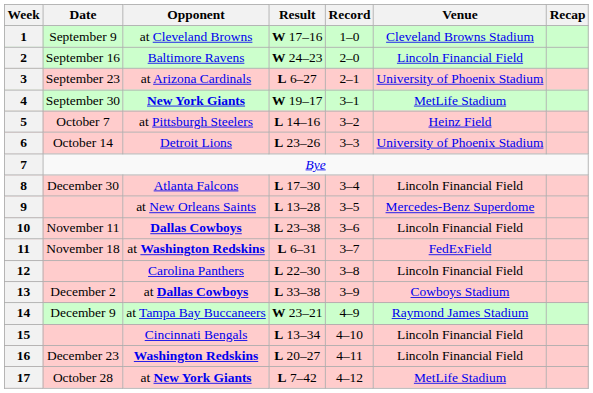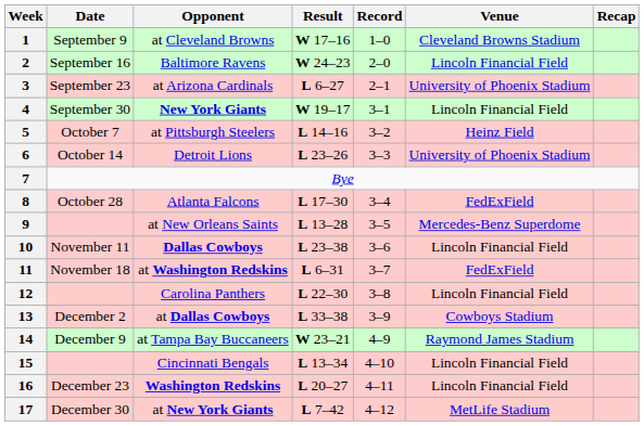 <table class="wikitable" style="text-align:center">
 <tr>
 <th>Week</th>
 <th>Date</th>
 <th>Opponent</th>
 <th>Result</th>
 <th>Record</th>
 <th>Venue</th>
 <th>Recap</th>
 </tr>
 <tr style="background:#cfc">
 <th>1</th>
 <td>September 9</td>
 <td>at <a href='#'>Cleveland Browns</a></td>
 <td><strong>W</strong> 17–16</td>
 <td>1–0</td>
 <td><a href='#'>Cleveland Browns Stadium</a></td>
 <td></td>
 </tr>
 <tr style="background:#cfc">
 <th>2</th>
 <td>September 16</td>
 <td><a href='#'>Baltimore Ravens</a></td>
 <td><strong>W</strong> 24–23</td>
 <td>2–0</td>
 <td><a href='#'>Lincoln Financial Field</a></td>
 <td></td>
 </tr>
 <tr style="background:#fcc">
 <th>3</th>
 <td>September 23</td>
 <td>at <a href='#'>Arizona Cardinals</a></td>
 <td><strong>L</strong> 6–27</td>
 <td>2–1</td>
 <td><a href='#'>University of Phoenix Stadium</a></td>
 <td></td>
 </tr>
 <tr style="background:#cfc">
 <th>4</th>
 <td>September 30</td>
 <td><strong><a href='#'>New York Giants</a></strong></td>
 <td><strong>W</strong> 19–17</td>
 <td>3–1</td>
-<td><a href='#'>MetLife Stadium</a></td>
+<td>Lincoln Financial Field</td>
 <td></td>
 </tr>
 <tr style="background:#fcc">
 <th>5</th>
 <td>October 7</td>
 <td>at <a href='#'>Pittsburgh Steelers</a></td>
 <td><strong>L</strong> 14–16</td>
 <td>3–2</td>
 <td><a href='#'>Heinz Field</a></td>
 <td></td>
 </tr>
 <tr style="background:#fcc">
 <th>6</th>
 <td>October 14</td>
 <td><a href='#'>Detroit Lions</a></td>
 <td><strong>L</strong> 23–26 </td>
 <td>3–3</td>
 <td><a href='#'>University of Phoenix Stadium</a></td>
 <td></td>
 </tr>
 <tr>
 <th>7</th>
 <td colspan="6"><em><a href='#'>Bye</a></em></td>
 </tr>
 <tr style="background:#fcc">
 <th>8</th>
-<td>December 30</td>
+<td>October 28</td>
 <td><a href='#'>Atlanta Falcons</a></td>
 <td><strong>L</strong> 17–30</td>
 <td>3–4</td>
-<td>Lincoln Financial Field</td>
+<td><a href='#'>FedExField</a></td>
 <td></td>
 </tr>
 <tr style="background:#fcc">
 <th>9</th>
 <td></td>
 <td>at <a href='#'>New Orleans Saints</a></td>
 <td><strong>L</strong> 13–28</td>
 <td>3–5</td>
 <td><a href='#'>Mercedes-Benz Superdome</a></td>
 <td></td>
 </tr>
 <tr style="background:#fcc">
 <th>10</th>
 <td>November 11</td>
 <td><strong><a href='#'>Dallas Cowboys</a></strong></td>
 <td><strong>L</strong> 23–38</td>
 <td>3–6</td>
 <td>Lincoln Financial Field</td>
 <td></td>
 </tr>
 <tr style="background:#fcc">
 <th>11</th>
 <td>November 18</td>
 <td>at <strong><a href='#'>Washington Redskins</a></strong></td>
 <td><strong>L</strong> 6–31</td>
 <td>3–7</td>
 <td><a href='#'>FedExField</a></td>
 <td></td>
 </tr>
 <tr style="background:#fcc">
 <th>12</th>
 <td></td>
 <td><a href='#'>Carolina Panthers</a></td>
 <td><strong>L</strong> 22–30</td>
 <td>3–8</td>
 <td>Lincoln Financial Field</td>
 <td></td>
 </tr>
 <tr style="background:#fcc">
 <th>13</th>
 <td>December 2</td>
 <td>at <strong><a href='#'>Dallas Cowboys</a></strong></td>
 <td><strong>L</strong> 33–38</td>
 <td>3–9</td>
 <td><a href='#'>Cowboys Stadium</a></td>
 <td></td>
 </tr>
 <tr style="background:#cfc">
 <th>14</th>
 <td>December 9</td>
 <td>at <a href='#'>Tampa Bay Buccaneers</a></td>
 <td><strong>W</strong> 23–21</td>
 <td>4–9</td>
 <td><a href='#'>Raymond James Stadium</a></td>
 <td></td>
 </tr>
 <tr style="background:#fcc">
 <th>15</th>
 <td></td>
 <td><a href='#'>Cincinnati Bengals</a></td>
 <td><strong>L</strong> 13–34</td>
 <td>4–10</td>
 <td>Lincoln Financial Field</td>
 <td></td>
 </tr>
 <tr style="background:#fcc">
 <th>16</th>
 <td>December 23</td>
 <td><strong><a href='#'>Washington Redskins</a></strong></td>
 <td><strong>L</strong> 20–27</td>
 <td>4–11</td>
 <td>Lincoln Financial Field</td>
 <td></td>
 </tr>
 <tr style="background:#fcc">
 <th>17</th>
-<td>October 28</td>
+<td>December 30</td>
 <td>at <strong><a href='#'>New York Giants</a></strong></td>
 <td><strong>L</strong> 7–42</td>
 <td>4–12</td>
 <td><a href='#'>MetLife Stadium</a></td>
 <td></td>
 </tr>
 </table>
